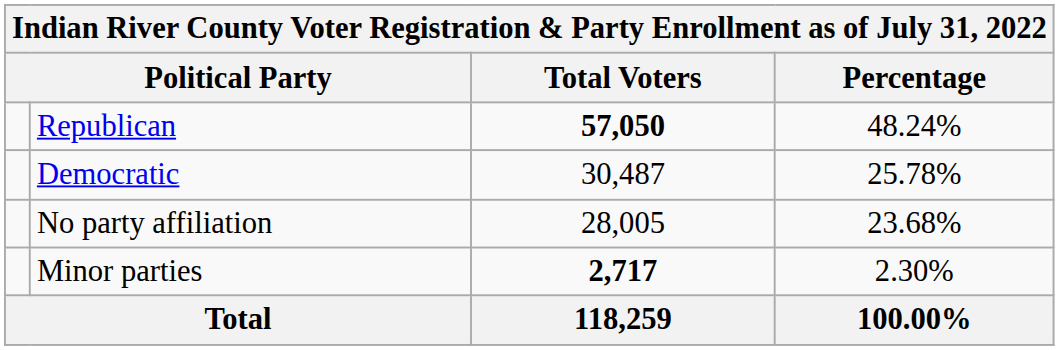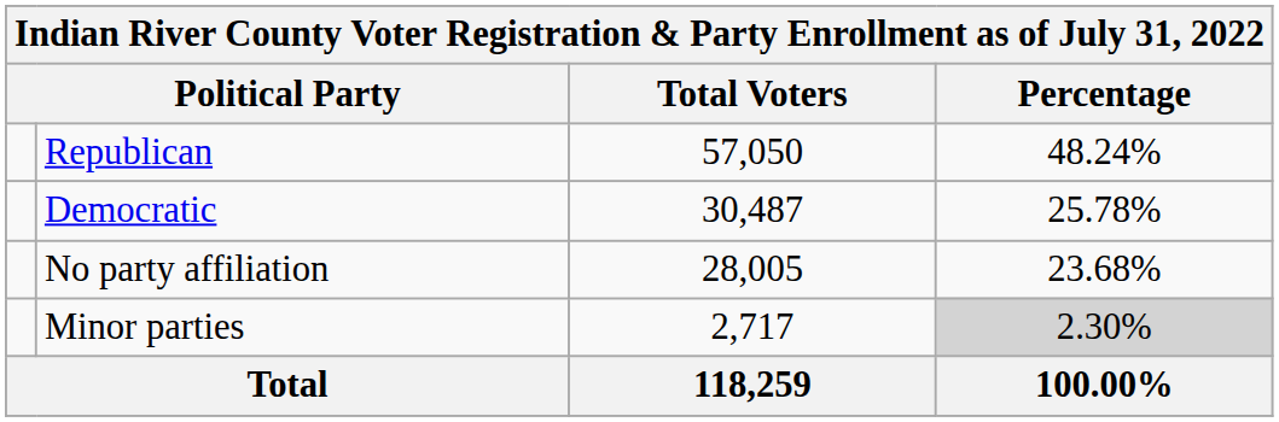 <table class=wikitable>
 <tr>
 <th colspan = 6>Indian River County Voter Registration & Party Enrollment as of July 31, 2022</th>
 </tr>
 <tr>
 <th colspan = 2>Political Party</th>
 <th>Total Voters</th>
 <th>Percentage</th>
 </tr>
 <tr>
 <td></td>
 <td><a href='#'>Republican</a></td>
-<td align = center><strong>57,050</strong></td>
+<td align = center>57,050</td>
 <td align = center>48.24%</td>
 </tr>
 <tr>
 <td></td>
 <td><a href='#'>Democratic</a></td>
 <td align = center>30,487</td>
 <td align = center>25.78%</td>
 </tr>
 <tr>
 <td></td>
 <td>No party affiliation</td>
 <td align = center>28,005</td>
 <td align = center>23.68%</td>
 </tr>
 <tr>
 <td></td>
 <td>Minor parties</td>
-<td align = center><strong>2,717</strong></td>
-<td align = center>2.30%</td>
+<td align = center>2,717</td>
+<td align = center style="background: lightgrey;">2.30%</td>
 </tr>
 <tr>
 <th colspan = 2>Total</th>
 <th align = center>118,259</th>
 <th align = center>100.00%</th>
 </tr>
 </table>
